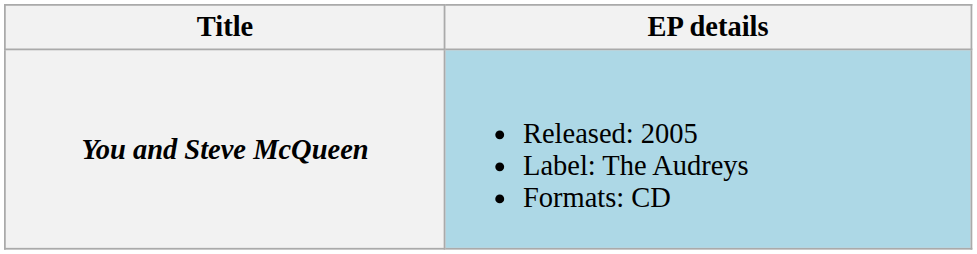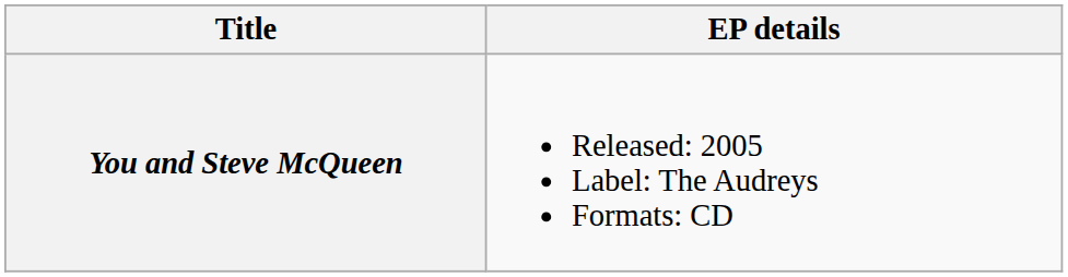 <table class="wikitable plainrowheaders">
 <tr>
 <th scope="col" rowspan="1" style="width:15em;">Title</th>
 <th scope="col" rowspan="1" style="width:18em;">EP details</th>
 </tr>
 <tr>
 <th scope="row"><em>You and Steve McQueen</em></th>
-<td style="background: lightblue;"><br><ul><li>Released: 2005</li><li>Label: The Audreys</li><li>Formats: CD</li></ul></td>
+<td><br><ul><li>Released: 2005</li><li>Label: The Audreys</li><li>Formats: CD</li></ul></td>
 </tr>
 </table>
